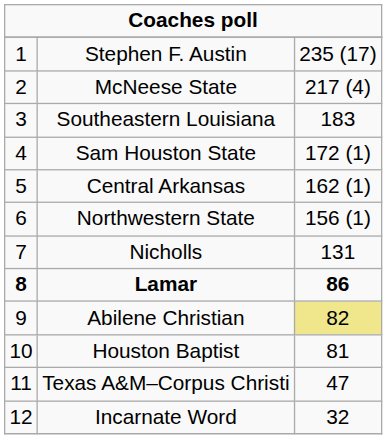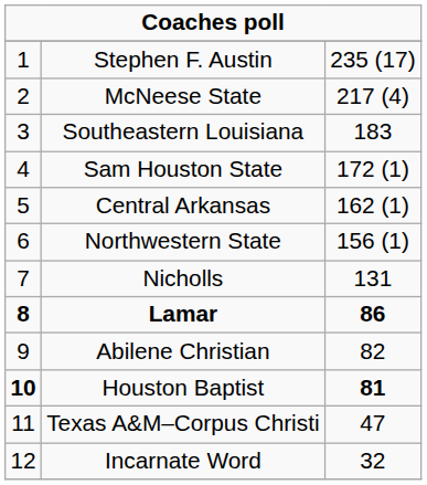 <table class="wikitable">
 <tr align="center">
 <td align="center" Colspan="3"><strong>Coaches poll</strong></td>
 </tr>
 <tr align="center">
 </tr>
 <tr align="center">
 <td>1</td>
 <td>Stephen F. Austin</td>
 <td>235 (17)</td>
 </tr>
 <tr align="center">
 <td>2</td>
 <td>McNeese State</td>
 <td>217 (4)</td>
 </tr>
 <tr align="center">
 <td>3</td>
 <td>Southeastern Louisiana</td>
 <td>183</td>
 </tr>
 <tr align="center">
 <td>4</td>
 <td>Sam Houston State</td>
 <td>172 (1)</td>
 </tr>
 <tr align="center">
 <td>5</td>
 <td>Central Arkansas</td>
 <td>162 (1)</td>
 </tr>
 <tr align="center">
 <td>6</td>
 <td>Northwestern State</td>
 <td>156 (1)</td>
 </tr>
 <tr align="center">
 <td>7</td>
 <td>Nicholls</td>
 <td>131</td>
 </tr>
 <tr align="center">
 <td><strong>8</strong></td>
 <td><strong>Lamar</strong></td>
 <td><strong>86</strong></td>
 </tr>
 <tr align="center">
 <td>9</td>
 <td>Abilene Christian</td>
-<td style="background: khaki;">82</td>
+<td>82</td>
 </tr>
 <tr align="center">
-<td>10</td>
+<td><strong>10</strong></td>
 <td>Houston Baptist</td>
-<td>81</td>
+<td><strong>81</strong></td>
 </tr>
 <tr align="center">
 <td>11</td>
 <td>Texas A&M–Corpus Christi</td>
 <td>47</td>
 </tr>
 <tr align="center">
 <td>12</td>
 <td>Incarnate Word</td>
 <td>32</td>
 </tr>
 <tr align="center">
 </tr>
 </table>
